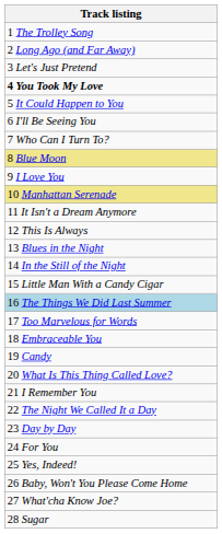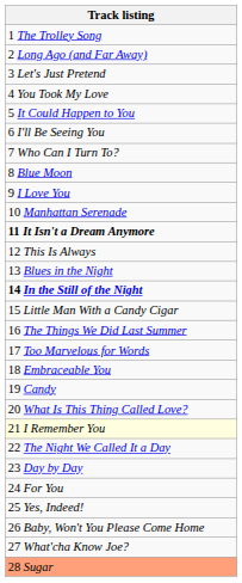 <table class="wikitable collapsible collapsed" style="width:300px;">
 <tr>
 <th>Track listing</th>
 </tr>
 <tr>
 <td>1 <em><a href='#'>The Trolley Song</a></em></td>
 </tr>
 <tr>
 <td>2 <em><a href='#'>Long Ago (and Far Away)</a></em></td>
 </tr>
 <tr>
 <td>3 <em>Let's Just Pretend</em></td>
 </tr>
 <tr>
-<td><strong>4 <em>You Took My Love</em></strong></td>
+<td>4 <em>You Took My Love</em></td>
 </tr>
 <tr>
 <td>5 <em><a href='#'>It Could Happen to You</a></em></td>
 </tr>
 <tr>
 <td>6 <em>I'll Be Seeing You</em></td>
 </tr>
 <tr>
 <td>7 <em>Who Can I Turn To?</em></td>
 </tr>
 <tr>
-<td style="background: khaki;">8 <em><a href='#'>Blue Moon</a></em></td>
+<td>8 <em><a href='#'>Blue Moon</a></em></td>
 </tr>
 <tr>
 <td>9 <em><a href='#'>I Love You</a></em></td>
 </tr>
 <tr>
-<td style="background: khaki;">10 <em><a href='#'>Manhattan Serenade</a></em></td>
+<td>10 <em><a href='#'>Manhattan Serenade</a></em></td>
 </tr>
 <tr>
-<td>11 <em>It Isn't a Dream Anymore</em></td>
+<td><strong>11 <em>It Isn't a Dream Anymore</em></strong></td>
 </tr>
 <tr>
 <td>12 <em>This Is Always</em></td>
 </tr>
 <tr>
 <td>13 <em><a href='#'>Blues in the Night</a></em></td>
 </tr>
 <tr>
-<td>14 <em><a href='#'>In the Still of the Night</a></em></td>
+<td><strong>14 <em><a href='#'>In the Still of the Night</a></em></strong></td>
 </tr>
 <tr>
 <td>15 <em>Little Man With a Candy Cigar</em></td>
 </tr>
 <tr>
-<td style="background: lightblue;">16 <em><a href='#'>The Things We Did Last Summer</a></em></td>
+<td>16 <em><a href='#'>The Things We Did Last Summer</a></em></td>
 </tr>
 <tr>
 <td>17 <em><a href='#'>Too Marvelous for Words</a></em></td>
 </tr>
 <tr>
 <td>18 <em><a href='#'>Embraceable You</a></em></td>
 </tr>
 <tr>
 <td>19 <em><a href='#'>Candy</a></em></td>
 </tr>
 <tr>
 <td>20 <em><a href='#'>What Is This Thing Called Love?</a></em></td>
 </tr>
 <tr>
-<td>21 <em>I Remember You</em></td>
+<td style="background: lightyellow;">21 <em>I Remember You</em></td>
 </tr>
 <tr>
 <td>22 <em><a href='#'>The Night We Called It a Day</a></em></td>
 </tr>
 <tr>
 <td>23 <em><a href='#'>Day by Day</a></em></td>
 </tr>
 <tr>
 <td>24 <em>For You</em></td>
 </tr>
 <tr>
 <td>25 <em>Yes, Indeed!</em></td>
 </tr>
 <tr>
 <td>26 <em>Baby, Won't You Please Come Home</em></td>
 </tr>
 <tr>
 <td>27 <em>What'cha Know Joe?</em></td>
 </tr>
 <tr>
-<td>28 <em>Sugar</em></td>
+<td style="background: lightsalmon;">28 <em>Sugar</em></td>
 </tr>
 </table>
